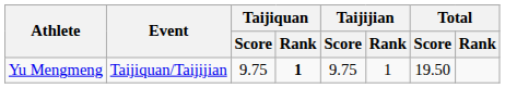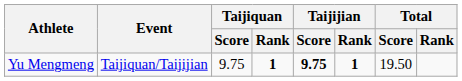 <table class="wikitable" style="text-align:center; font-size:90%">
 <tr>
 <th rowspan="2">Athlete</th>
 <th rowspan="2">Event</th>
 <th colspan="2">Taijiquan</th>
 <th colspan="2">Taijijian</th>
 <th colspan="2">Total</th>
 </tr>
 <tr>
 <th>Score</th>
 <th>Rank</th>
 <th>Score</th>
 <th>Rank</th>
 <th>Score</th>
 <th>Rank</th>
 </tr>
 <tr>
 <td align="left"><a href='#'>Yu Mengmeng</a></td>
 <td align="left"><a href='#'>Taijiquan/Taijijian</a></td>
 <td>9.75</td>
 <td><strong>1</strong></td>
-<td>9.75</td>
-<td>1</td>
+<td><strong>9.75</strong></td>
+<td><strong>1</strong></td>
 <td>19.50</td>
 <td align=center></td>
 </tr>
 </table>
